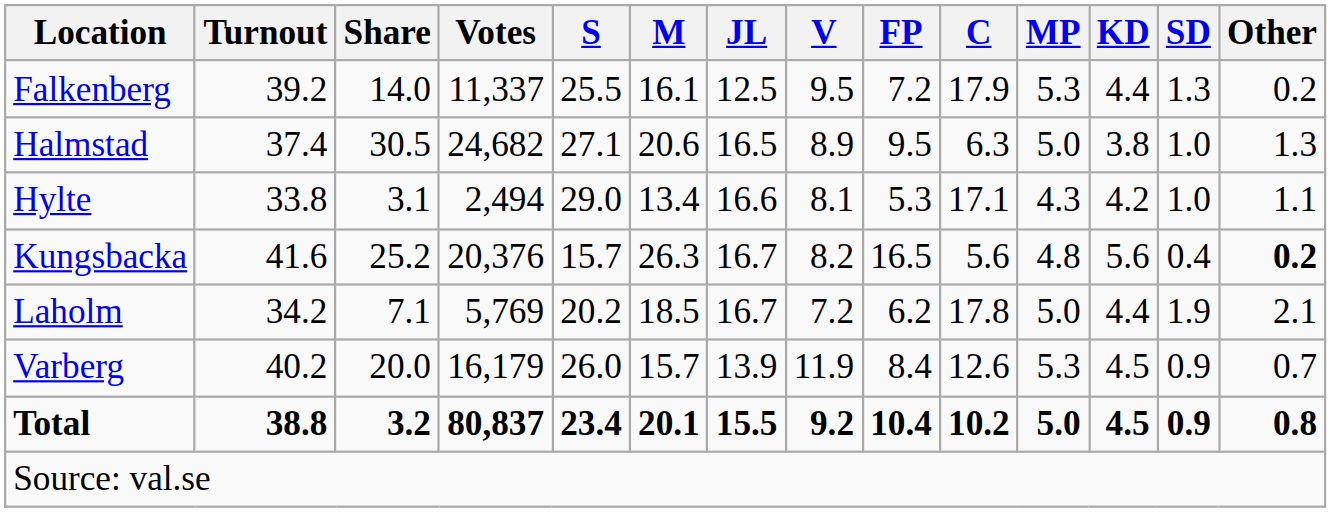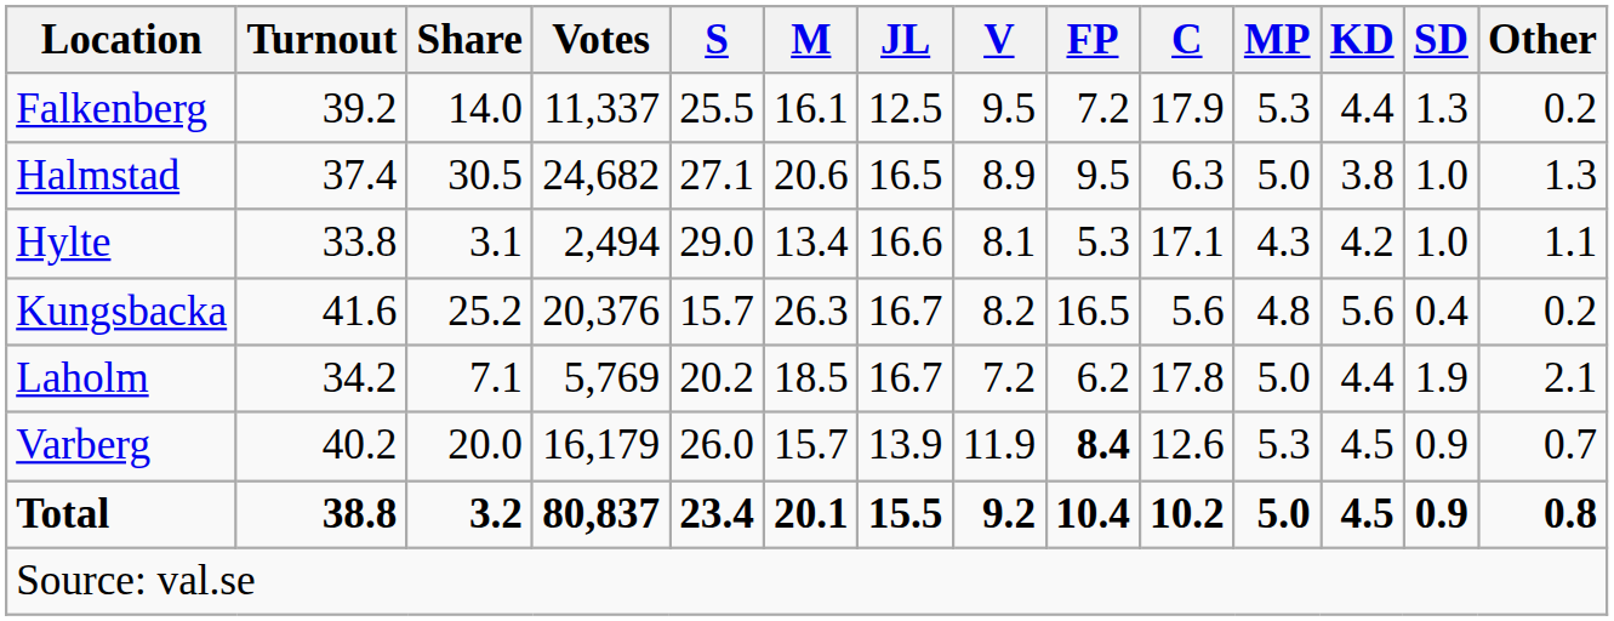 <table class="wikitable sortable" style=text-align:right>
 <tr>
 <th>Location</th>
 <th>Turnout</th>
 <th>Share</th>
 <th>Votes</th>
 <th><a href='#'>S</a></th>
 <th><a href='#'>M</a></th>
 <th><a href='#'>JL</a></th>
 <th><a href='#'>V</a></th>
 <th><a href='#'>FP</a></th>
 <th><a href='#'>C</a></th>
 <th><a href='#'>MP</a></th>
 <th><a href='#'>KD</a></th>
 <th><a href='#'>SD</a></th>
 <th>Other</th>
 </tr>
 <tr>
 <td align=left><a href='#'>Falkenberg</a></td>
 <td>39.2</td>
 <td>14.0</td>
 <td>11,337</td>
 <td>25.5</td>
 <td>16.1</td>
 <td>12.5</td>
 <td>9.5</td>
 <td>7.2</td>
 <td>17.9</td>
 <td>5.3</td>
 <td>4.4</td>
 <td>1.3</td>
 <td>0.2</td>
 </tr>
 <tr>
 <td align=left><a href='#'>Halmstad</a></td>
 <td>37.4</td>
 <td>30.5</td>
 <td>24,682</td>
 <td>27.1</td>
 <td>20.6</td>
 <td>16.5</td>
 <td>8.9</td>
 <td>9.5</td>
 <td>6.3</td>
 <td>5.0</td>
 <td>3.8</td>
 <td>1.0</td>
 <td>1.3</td>
 </tr>
 <tr>
 <td align=left><a href='#'>Hylte</a></td>
 <td>33.8</td>
 <td>3.1</td>
 <td>2,494</td>
 <td>29.0</td>
 <td>13.4</td>
 <td>16.6</td>
 <td>8.1</td>
 <td>5.3</td>
 <td>17.1</td>
 <td>4.3</td>
 <td>4.2</td>
 <td>1.0</td>
 <td>1.1</td>
 </tr>
 <tr>
 <td align=left><a href='#'>Kungsbacka</a></td>
 <td>41.6</td>
 <td>25.2</td>
 <td>20,376</td>
 <td>15.7</td>
 <td>26.3</td>
 <td>16.7</td>
 <td>8.2</td>
 <td>16.5</td>
 <td>5.6</td>
 <td>4.8</td>
 <td>5.6</td>
 <td>0.4</td>
-<td><strong>0.2</strong></td>
+<td>0.2</td>
 </tr>
 <tr>
 <td align=left><a href='#'>Laholm</a></td>
 <td>34.2</td>
 <td>7.1</td>
 <td>5,769</td>
 <td>20.2</td>
 <td>18.5</td>
 <td>16.7</td>
 <td>7.2</td>
 <td>6.2</td>
 <td>17.8</td>
 <td>5.0</td>
 <td>4.4</td>
 <td>1.9</td>
 <td>2.1</td>
 </tr>
 <tr>
 <td align=left><a href='#'>Varberg</a></td>
 <td>40.2</td>
 <td>20.0</td>
 <td>16,179</td>
 <td>26.0</td>
 <td>15.7</td>
 <td>13.9</td>
 <td>11.9</td>
-<td>8.4</td>
+<td><strong>8.4</strong></td>
 <td>12.6</td>
 <td>5.3</td>
 <td>4.5</td>
 <td>0.9</td>
 <td>0.7</td>
 </tr>
 <tr>
 <td align=left><strong>Total</strong></td>
 <td><strong>38.8</strong></td>
 <td><strong>3.2</strong></td>
 <td><strong>80,837</strong></td>
 <td><strong>23.4</strong></td>
 <td><strong>20.1</strong></td>
 <td><strong>15.5</strong></td>
 <td><strong>9.2</strong></td>
 <td><strong>10.4</strong></td>
 <td><strong>10.2</strong></td>
 <td><strong>5.0</strong></td>
 <td><strong>4.5</strong></td>
 <td><strong>0.9</strong></td>
 <td><strong>0.8</strong></td>
 </tr>
 <tr>
 <td align=left colspan=14>Source: val.se </td>
 </tr>
 </table>
